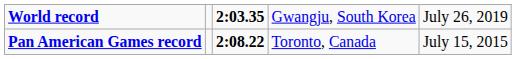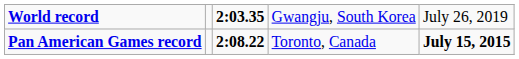 <table class="wikitable">
 <tr>
 <td><strong><a href='#'>World record</a></strong></td>
 <td></td>
 <td><strong>2:03.35</strong></td>
 <td><a href='#'>Gwangju</a>, <a href='#'>South Korea</a></td>
 <td>July 26, 2019</td>
 </tr>
 <tr>
 <td><strong><a href='#'>Pan American Games record</a></strong></td>
 <td></td>
 <td><strong>2:08.22</strong></td>
 <td><a href='#'>Toronto</a>, <a href='#'>Canada</a></td>
-<td>July 15, 2015</td>
+<td><strong>July 15, 2015</strong></td>
 </tr>
 </table>
